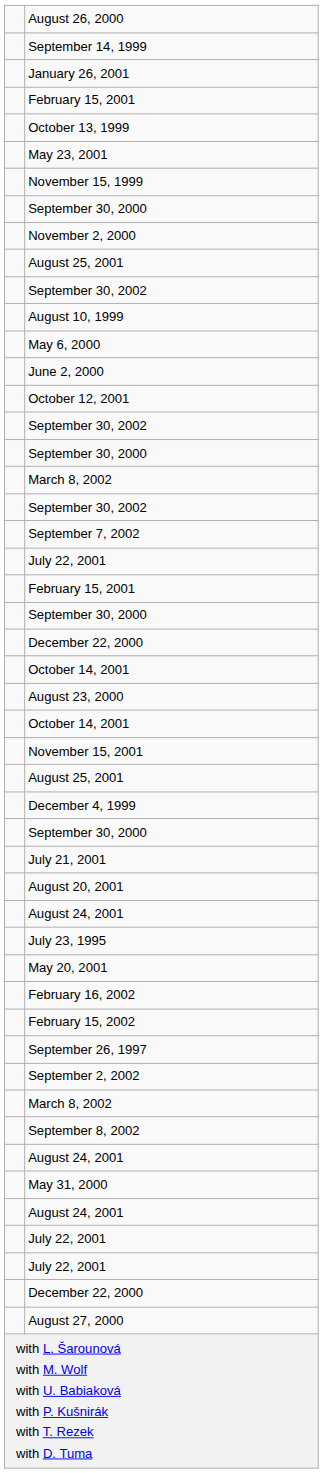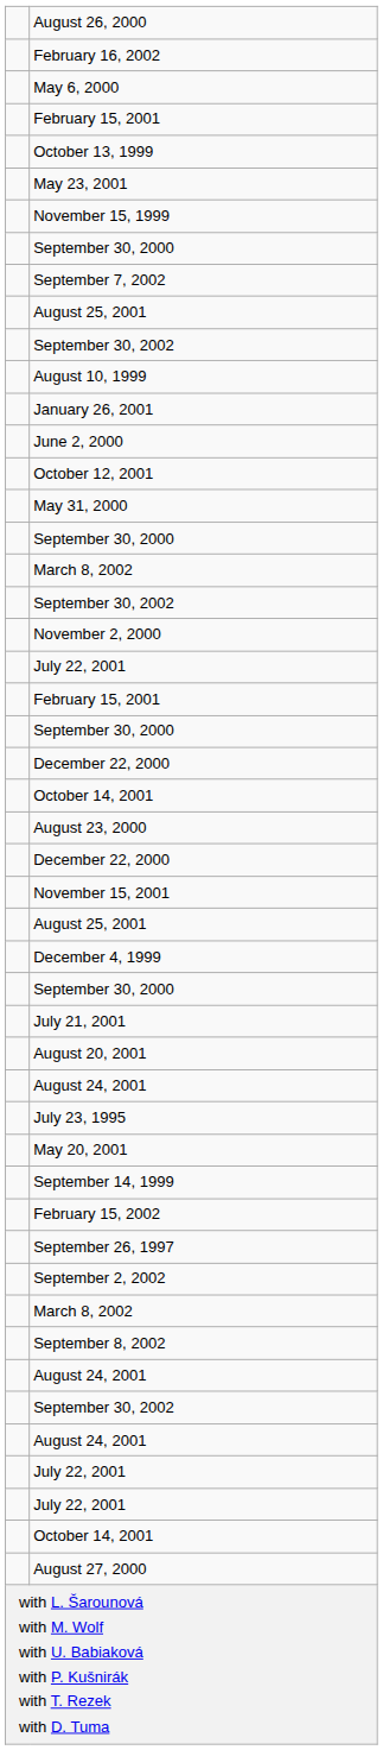 <table class="wikitable" style="font-size: 89%; float: left; width: 24em; margin-right: 1em; line-height: 1.6em !important; height: 1250px;">
 <tr>
 <td> </td>
 <td>August 26, 2000</td>
 </tr>
 <tr>
 <td> </td>
-<td>September 14, 1999</td>
+<td>February 16, 2002</td>
 </tr>
 <tr>
 <td> </td>
-<td>January 26, 2001</td>
+<td>May 6, 2000</td>
 </tr>
 <tr>
 <td> </td>
 <td>February 15, 2001</td>
 </tr>
 <tr>
 <td> </td>
 <td>October 13, 1999</td>
 </tr>
 <tr>
 <td> </td>
 <td>May 23, 2001</td>
 </tr>
 <tr>
 <td> </td>
 <td>November 15, 1999</td>
 </tr>
 <tr>
 <td> </td>
 <td>September 30, 2000</td>
 </tr>
 <tr>
 <td> </td>
-<td>November 2, 2000</td>
+<td>September 7, 2002</td>
 </tr>
 <tr>
 <td> </td>
 <td>August 25, 2001</td>
 </tr>
 <tr>
 <td></td>
 <td>September 30, 2002</td>
 </tr>
 <tr>
 <td> </td>
 <td>August 10, 1999</td>
 </tr>
 <tr>
 <td> </td>
-<td>May 6, 2000</td>
+<td>January 26, 2001</td>
 </tr>
 <tr>
 <td> </td>
 <td>June 2, 2000</td>
 </tr>
 <tr>
 <td> </td>
 <td>October 12, 2001</td>
 </tr>
 <tr>
 <td> </td>
-<td>September 30, 2002</td>
+<td>May 31, 2000</td>
 </tr>
 <tr>
 <td> </td>
 <td>September 30, 2000</td>
 </tr>
 <tr>
 <td> </td>
 <td>March 8, 2002</td>
 </tr>
 <tr>
 <td></td>
 <td>September 30, 2002</td>
 </tr>
 <tr>
 <td> </td>
-<td>September 7, 2002</td>
+<td>November 2, 2000</td>
 </tr>
 <tr>
 <td> </td>
 <td>July 22, 2001</td>
 </tr>
 <tr>
 <td> </td>
 <td>February 15, 2001</td>
 </tr>
 <tr>
 <td> </td>
 <td>September 30, 2000</td>
 </tr>
 <tr>
 <td> </td>
 <td>December 22, 2000</td>
 </tr>
 <tr>
 <td> </td>
 <td>October 14, 2001</td>
 </tr>
 <tr>
 <td> </td>
 <td>August 23, 2000</td>
 </tr>
 <tr>
 <td> </td>
-<td>October 14, 2001</td>
+<td>December 22, 2000</td>
 </tr>
 <tr>
 <td> </td>
 <td>November 15, 2001</td>
 </tr>
 <tr>
 <td> </td>
 <td>August 25, 2001</td>
 </tr>
 <tr>
 <td></td>
 <td>December 4, 1999</td>
 </tr>
 <tr>
 <td> </td>
 <td>September 30, 2000</td>
 </tr>
 <tr>
 <td> </td>
 <td>July 21, 2001</td>
 </tr>
 <tr>
 <td> </td>
 <td>August 20, 2001</td>
 </tr>
 <tr>
 <td> </td>
 <td>August 24, 2001</td>
 </tr>
 <tr>
 <td></td>
 <td>July 23, 1995</td>
 </tr>
 <tr>
 <td> </td>
 <td>May 20, 2001</td>
 </tr>
 <tr>
 <td> </td>
-<td>February 16, 2002</td>
+<td>September 14, 1999</td>
 </tr>
 <tr>
 <td></td>
 <td>February 15, 2002</td>
 </tr>
 <tr>
 <td></td>
 <td>September 26, 1997</td>
 </tr>
 <tr>
 <td> </td>
 <td>September 2, 2002</td>
 </tr>
 <tr>
 <td> </td>
 <td>March 8, 2002</td>
 </tr>
 <tr>
 <td> </td>
 <td>September 8, 2002</td>
 </tr>
 <tr>
 <td> </td>
 <td>August 24, 2001</td>
 </tr>
 <tr>
 <td></td>
-<td>May 31, 2000</td>
+<td>September 30, 2002</td>
 </tr>
 <tr>
 <td> </td>
 <td>August 24, 2001</td>
 </tr>
 <tr>
 <td> </td>
 <td>July 22, 2001</td>
 </tr>
 <tr>
 <td> </td>
 <td>July 22, 2001</td>
 </tr>
 <tr>
 <td> </td>
-<td>December 22, 2000</td>
+<td>October 14, 2001</td>
 </tr>
 <tr>
 <td> </td>
 <td>August 27, 2000</td>
 </tr>
 <tr>
 <th colspan=2 style="font-weight: normal; text-align: left; padding: 4px 12px;"> with <a href='#'>L. Šarounová</a><br> with <a href='#'>M. Wolf</a><br> with <a href='#'>U. Babiaková</a><br> with <a href='#'>P. Kušnirák</a><br> with <a href='#'>T. Rezek</a><br> with <a href='#'>D. Tuma</a></th>
 </tr>
 </table>
